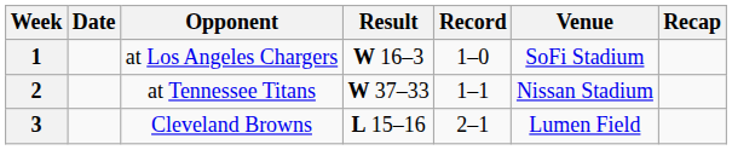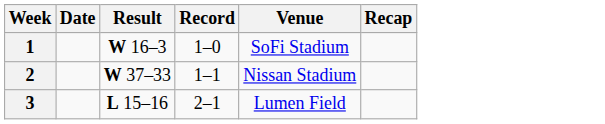 <table class="wikitable" style="text-align:center">
 <tr>
 <th>Week</th>
 <th>Date</th>
-<th>Opponent</th>
 <th>Result</th>
 <th>Record</th>
 <th>Venue</th>
 <th>Recap</th>
 </tr>
 <tr>
 <th>1</th>
 <td></td>
-<td>at <a href='#'>Los Angeles Chargers</a></td>
 <td><strong>W</strong> 16–3</td>
 <td>1–0</td>
 <td><a href='#'>SoFi Stadium</a></td>
 <td></td>
 </tr>
 <tr>
 <th>2</th>
 <td></td>
-<td>at <a href='#'>Tennessee Titans</a></td>
 <td><strong>W</strong> 37–33</td>
 <td>1–1</td>
 <td><a href='#'>Nissan Stadium</a></td>
 <td></td>
 </tr>
 <tr>
 <th>3</th>
 <td></td>
-<td><a href='#'>Cleveland Browns</a></td>
 <td><strong>L</strong> 15–16</td>
 <td>2–1</td>
 <td><a href='#'>Lumen Field</a></td>
 <td></td>
 </tr>
 </table>
